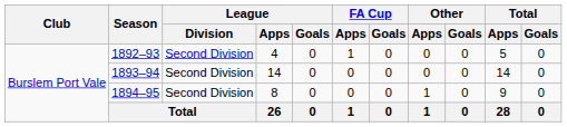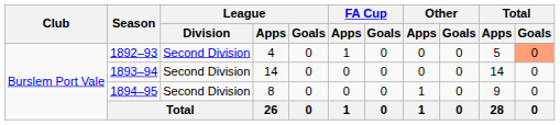 <table class="wikitable" style="text-align:center">
 <tr>
 <th rowspan="2">Club</th>
 <th rowspan="2">Season</th>
 <th colspan="3">League</th>
 <th colspan="2"><a href='#'>FA Cup</a></th>
 <th colspan="2">Other</th>
 <th colspan="2">Total</th>
 </tr>
 <tr>
 <th>Division</th>
 <th>Apps</th>
 <th>Goals</th>
 <th>Apps</th>
 <th>Goals</th>
 <th>Apps</th>
 <th>Goals</th>
 <th>Apps</th>
 <th>Goals</th>
 </tr>
 <tr>
 <td rowspan="4"><a href='#'>Burslem Port Vale</a></td>
 <td><a href='#'>1892–93</a></td>
 <td><a href='#'>Second Division</a></td>
 <td>4</td>
 <td>0</td>
 <td>1</td>
 <td>0</td>
 <td>0</td>
 <td>0</td>
 <td>5</td>
-<td>0</td>
+<td style="background: lightsalmon;">0</td>
 </tr>
 <tr>
 <td><a href='#'>1893–94</a></td>
 <td>Second Division</td>
 <td>14</td>
 <td>0</td>
 <td>0</td>
 <td>0</td>
 <td>0</td>
 <td>0</td>
 <td>14</td>
 <td>0</td>
 </tr>
 <tr>
 <td><a href='#'>1894–95</a></td>
 <td>Second Division</td>
 <td>8</td>
 <td>0</td>
 <td>0</td>
 <td>0</td>
 <td>1</td>
 <td>0</td>
 <td>9</td>
 <td>0</td>
 </tr>
 <tr>
 <th colspan="2">Total</th>
 <th>26</th>
 <th>0</th>
 <th>1</th>
 <th>0</th>
 <th>1</th>
 <th>0</th>
 <th>28</th>
 <th>0</th>
 </tr>
 </table>
